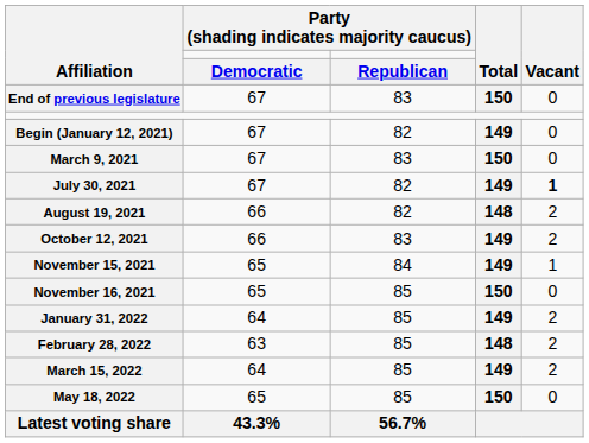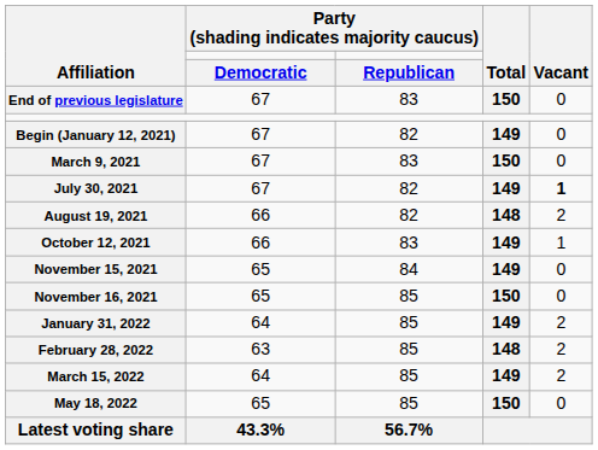 <table class=wikitable style="text-align:center">
 <tr style="vertical-align:bottom">
 <th rowspan=3>Affiliation</th>
 <th colspan=2>Party<div>(shading indicates majority caucus)</div></th>
 <th rowspan=3>Total</th>
 <th rowspan=3>Vacant</th>
 </tr>
 <tr style="height:5px">
 <td style="background-color:"></td>
 <td style="background-color:"></td>
 </tr>
 <tr>
 <th><a href='#'>Democratic</a></th>
 <th><a href='#'>Republican</a></th>
 </tr>
 <tr>
 <th style="font-size:80%">End of <a href='#'>previous legislature</a></th>
 <td>67</td>
 <td>83</td>
 <th>150</th>
 <td>0</td>
 </tr>
 <tr>
 <td colspan=6></td>
 </tr>
 <tr>
 <th style="font-size:80%">Begin (January 12, 2021)</th>
 <td>67</td>
 <td>82</td>
 <th>149</th>
 <td>0</td>
 </tr>
 <tr>
 <th style="font-size:80%">March 9, 2021</th>
 <td>67</td>
 <td>83</td>
 <th>150</th>
 <td>0</td>
 </tr>
 <tr>
 <th style="font-size:80%">July 30, 2021</th>
 <td>67</td>
 <td>82</td>
 <th>149</th>
 <td><strong>1</strong></td>
 </tr>
 <tr>
 <th style="font-size:80%">August 19, 2021</th>
 <td>66</td>
 <td>82</td>
 <th>148</th>
 <td>2</td>
 </tr>
 <tr>
 <th style="font-size:80%">October 12, 2021</th>
 <td>66</td>
 <td>83</td>
 <th>149</th>
-<td>2</td>
+<td>1</td>
 </tr>
 <tr>
 <th style="font-size:80%">November 15, 2021</th>
 <td>65</td>
 <td>84</td>
 <th>149</th>
-<td>1</td>
+<td>0</td>
 </tr>
 <tr>
 <th style="font-size:80%">November 16, 2021</th>
 <td>65</td>
 <td>85</td>
 <th>150</th>
 <td>0</td>
 </tr>
 <tr>
 <th style="font-size:80%">January 31, 2022</th>
 <td>64</td>
 <td>85</td>
 <th>149</th>
 <td>2</td>
 </tr>
 <tr>
 <th style="font-size:80%">February 28, 2022</th>
 <td>63</td>
 <td>85</td>
 <th>148</th>
 <td>2</td>
 </tr>
 <tr>
 <th style="font-size:80%">March 15, 2022</th>
 <td>64</td>
 <td>85</td>
 <th>149</th>
 <td>2</td>
 </tr>
 <tr>
 <th style="font-size:80%">May 18, 2022</th>
 <td>65</td>
 <td>85</td>
 <th>150</th>
 <td>0</td>
 </tr>
 <tr>
 <th>Latest voting share</th>
 <th>43.3%</th>
 <th>56.7%</th>
 <th colspan=2> </th>
 </tr>
 </table>
